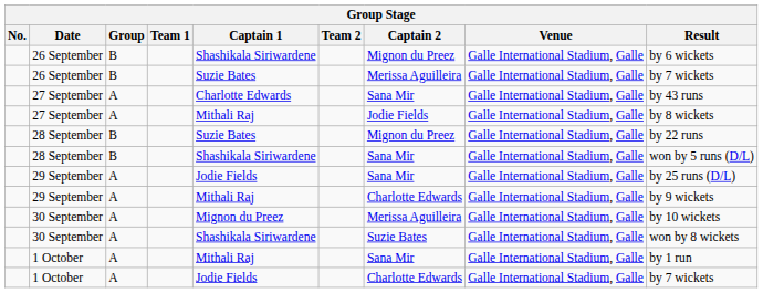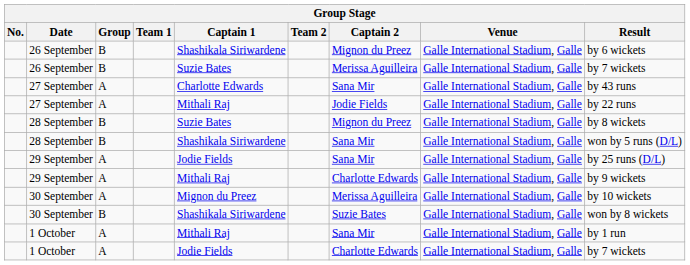 <table class="wikitable">
 <tr>
 <th colspan="9">Group Stage</th>
 </tr>
 <tr>
 <th>No.</th>
 <th>Date</th>
 <th>Group</th>
 <th>Team 1</th>
 <th>Captain 1</th>
 <th>Team 2</th>
 <th>Captain 2</th>
 <th>Venue</th>
 <th>Result</th>
 </tr>
 <tr>
 <td></td>
 <td>26 September</td>
 <td>B</td>
 <td></td>
 <td><a href='#'>Shashikala Siriwardene</a></td>
 <td></td>
 <td><a href='#'>Mignon du Preez</a></td>
 <td><a href='#'>Galle International Stadium</a>, <a href='#'>Galle</a></td>
 <td> by 6 wickets</td>
 </tr>
 <tr>
 <td></td>
 <td>26 September</td>
 <td>B</td>
 <td></td>
 <td><a href='#'>Suzie Bates</a></td>
 <td></td>
 <td><a href='#'>Merissa Aguilleira</a></td>
 <td><a href='#'>Galle International Stadium</a>, <a href='#'>Galle</a></td>
 <td> by 7 wickets</td>
 </tr>
 <tr>
 <td></td>
 <td>27 September</td>
 <td>A</td>
 <td></td>
 <td><a href='#'>Charlotte Edwards</a></td>
 <td></td>
 <td><a href='#'>Sana Mir</a></td>
 <td><a href='#'>Galle International Stadium</a>, <a href='#'>Galle</a></td>
 <td> by 43 runs</td>
 </tr>
 <tr>
 <td></td>
 <td>27 September</td>
 <td>A</td>
 <td></td>
 <td><a href='#'>Mithali Raj</a></td>
 <td></td>
 <td><a href='#'>Jodie Fields</a></td>
 <td><a href='#'>Galle International Stadium</a>, <a href='#'>Galle</a></td>
-<td> by 8 wickets</td>
+<td> by 22 runs</td>
 </tr>
 <tr>
 <td></td>
 <td>28 September</td>
 <td>B</td>
 <td></td>
 <td><a href='#'>Suzie Bates</a></td>
 <td></td>
 <td><a href='#'>Mignon du Preez</a></td>
 <td><a href='#'>Galle International Stadium</a>, <a href='#'>Galle</a></td>
-<td> by 22 runs</td>
+<td> by 8 wickets</td>
 </tr>
 <tr>
 <td></td>
 <td>28 September</td>
 <td>B</td>
 <td></td>
 <td><a href='#'>Shashikala Siriwardene</a></td>
 <td></td>
 <td><a href='#'>Sana Mir</a></td>
 <td><a href='#'>Galle International Stadium</a>, <a href='#'>Galle</a></td>
 <td> won by 5 runs (<a href='#'>D/L</a>)</td>
 </tr>
 <tr>
 <td></td>
 <td>29 September</td>
 <td>A</td>
 <td></td>
 <td><a href='#'>Jodie Fields</a></td>
 <td></td>
 <td><a href='#'>Sana Mir</a></td>
 <td><a href='#'>Galle International Stadium</a>, <a href='#'>Galle</a></td>
 <td> by 25 runs (<a href='#'>D/L</a>)</td>
 </tr>
 <tr>
 <td></td>
 <td>29 September</td>
 <td>A</td>
 <td></td>
 <td><a href='#'>Mithali Raj</a></td>
 <td></td>
 <td><a href='#'>Charlotte Edwards</a></td>
 <td><a href='#'>Galle International Stadium</a>, <a href='#'>Galle</a></td>
 <td> by 9 wickets</td>
 </tr>
 <tr>
 <td></td>
 <td>30 September</td>
 <td>A</td>
 <td></td>
 <td><a href='#'>Mignon du Preez</a></td>
 <td></td>
 <td><a href='#'>Merissa Aguilleira</a></td>
 <td><a href='#'>Galle International Stadium</a>, <a href='#'>Galle</a></td>
 <td> by 10 wickets</td>
 </tr>
 <tr>
 <td></td>
 <td>30 September</td>
-<td>A</td>
+<td>B</td>
 <td></td>
 <td><a href='#'>Shashikala Siriwardene</a></td>
 <td></td>
 <td><a href='#'>Suzie Bates</a></td>
 <td><a href='#'>Galle International Stadium</a>, <a href='#'>Galle</a></td>
 <td> won by 8 wickets</td>
 </tr>
 <tr>
 <td></td>
 <td>1 October</td>
 <td>A</td>
 <td></td>
 <td><a href='#'>Mithali Raj</a></td>
 <td></td>
 <td><a href='#'>Sana Mir</a></td>
 <td><a href='#'>Galle International Stadium</a>, <a href='#'>Galle</a></td>
 <td> by 1 run</td>
 </tr>
 <tr>
 <td></td>
 <td>1 October</td>
 <td>A</td>
 <td></td>
 <td><a href='#'>Jodie Fields</a></td>
 <td></td>
 <td><a href='#'>Charlotte Edwards</a></td>
 <td><a href='#'>Galle International Stadium</a>, <a href='#'>Galle</a></td>
 <td> by 7 wickets</td>
 </tr>
 </table>
